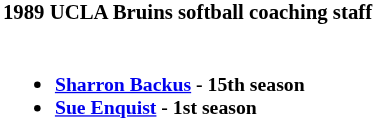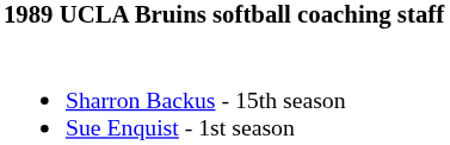 <table class="toccolours">
 <tr>
 <th colspan=9>1989 UCLA Bruins softball coaching staff</th>
 </tr>
 <tr>
-<td style="text-align: left; font-size: 95%;" valign="top"><strong><br><ul><li><a href='#'>Sharron Backus</a> - 15th season</li><li><a href='#'>Sue Enquist</a> - 1st season</li></ul></strong></td>
+<td style="text-align: left; font-size: 95%;" valign="top"><br><ul><li><a href='#'>Sharron Backus</a> - 15th season</li><li><a href='#'>Sue Enquist</a> - 1st season</li></ul></td>
 </tr>
 </table>
